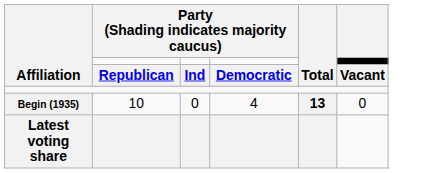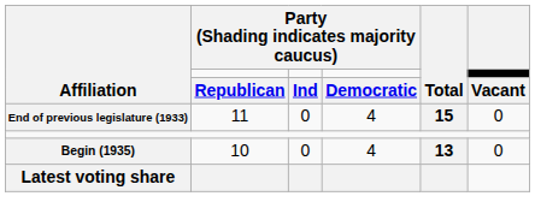 <table class=wikitable style="text-align:center; width:50%">
 <tr style="vertical-align:bottom;">
 <th rowspan=3>Affiliation</th>
 <th colspan=3>Party <div>(Shading indicates majority caucus)</div></th>
 <th rowspan=3>Total</th>
 <th></th>
 </tr>
 <tr style="height:5px">
 <td style="background-color:"></td>
 <td style="background-color:"></td>
 <td style="background-color:"></td>
 <td style="background-color:black"></td>
 </tr>
 <tr>
 <th><a href='#'>Republican</a></th>
 <th><a href='#'>Ind</a></th>
 <th><a href='#'>Democratic</a></th>
 <th>Vacant</th>
 </tr>
 <tr>
+<th nowrap style="font-size:67%">End of previous legislature (1933)</th>
+<td>11</td>
+<td>0</td>
+<td>4</td>
+<th>15</th>
+<td>0</td>
+</tr>
+<tr>
 <td colspan=6></td>
 </tr>
 <tr>
 <th nowrap style="font-size:74%">Begin (1935)</th>
 <td>10</td>
 <td>0</td>
 <td>4</td>
 <th>13</th>
 <td>0</td>
 </tr>
 <tr>
 <th>Latest voting share</th>
 <th colspan=1 ></th>
 <th></th>
 <th></th>
 <th colspan=1></th>
 </tr>
 </table>
